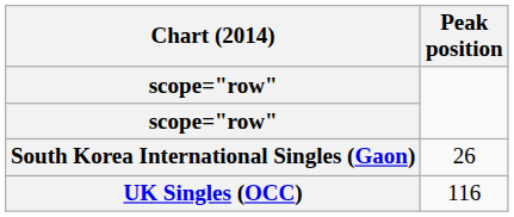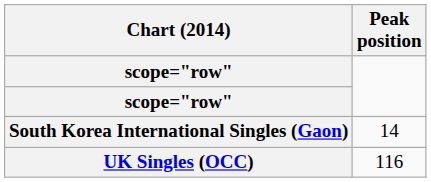 <table class="wikitable sortable plainrowheaders">
 <tr>
 <th scope="col">Chart (2014)</th>
 <th scope="col">Peak<br>position</th>
 </tr>
 <tr>
 <th>scope="row"</th>
 </tr>
 <tr>
 <th>scope="row"</th>
 </tr>
 <tr>
 <th scope="row">South Korea International Singles (<a href='#'>Gaon</a>)</th>
-<td align="center">26</td>
+<td align="center">14</td>
 </tr>
 <tr>
 <th scope="row"><a href='#'>UK Singles</a> (<a href='#'>OCC</a>)</th>
 <td align="center">116</td>
 </tr>
 </table>
